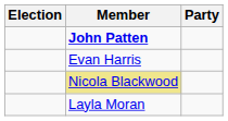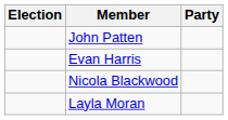 <table class="wikitable">
 <tr>
 <th>Election</th>
 <th>Member</th>
 <th colspan="2">Party</th>
 </tr>
 <tr>
 <td></td>
-<td><strong><a href='#'>John Patten</a></strong></td>
+<td><a href='#'>John Patten</a></td>
 <td></td>
 </tr>
 <tr>
 <td></td>
 <td><a href='#'>Evan Harris</a></td>
 <td></td>
 </tr>
 <tr>
 <td></td>
-<td style="background: khaki;"><a href='#'>Nicola Blackwood</a></td>
+<td><a href='#'>Nicola Blackwood</a></td>
 <td></td>
 </tr>
 <tr>
 <td></td>
 <td><a href='#'>Layla Moran</a></td>
 <td></td>
 </tr>
 </table>
